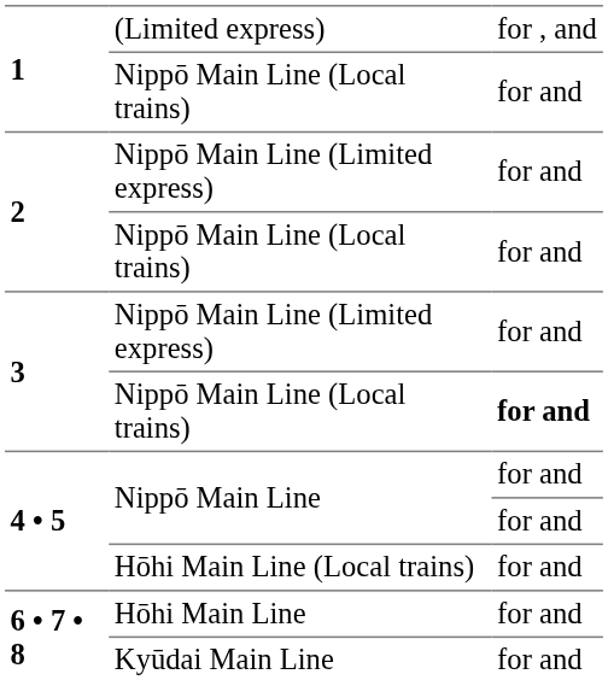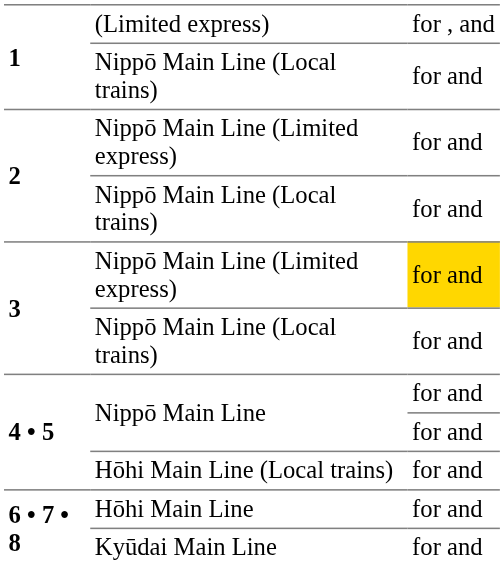 <table border="0" cellspacing="0" cellpadding="3">
 <tr>
 <td width="50px" style="border-top:solid 1px gray" rowspan="2"><strong>1</strong></td>
 <td width="200px" style="border-top:solid 1px gray">  (Limited express)</td>
 <td style="border-top:solid 1px gray">for ,  and </td>
 </tr>
 <tr>
 <td width="200px" style="border-top:solid 1px gray"> Nippō Main Line (Local trains)</td>
 <td style="border-top:solid 1px gray">for  and </td>
 </tr>
 <tr>
 <td width="50px" style="border-top:solid 1px gray" rowspan="2"><strong>2</strong></td>
 <td width="200px" style="border-top:solid 1px gray"> Nippō Main Line (Limited express)</td>
 <td style="border-top:solid 1px gray">for  and </td>
 </tr>
 <tr>
 <td width="200px" style="border-top:solid 1px gray"> Nippō Main Line (Local trains)</td>
 <td style="border-top:solid 1px gray">for  and </td>
 </tr>
 <tr>
 <td width="50px" style="border-top:solid 1px gray" rowspan="2"><strong>3</strong></td>
 <td width="200px" style="border-top:solid 1px gray"> Nippō Main Line (Limited express)</td>
-<td style="border-top:solid 1px gray">for  and </td>
+<td style="background: gold; border-top:solid 1px gray">for  and </td>
 </tr>
 <tr>
 <td width="200px" style="border-top:solid 1px gray"> Nippō Main Line (Local trains)</td>
-<td style="border-top:solid 1px gray"><strong>for  and </strong></td>
+<td style="border-top:solid 1px gray">for  and </td>
 </tr>
 <tr>
 <td width="50px" style="border-top:solid 1px gray" rowspan="3"><strong>4 • 5</strong><br></td>
 <td width="200px" style="border-top:solid 1px gray" rowspan="2"> Nippō Main Line</td>
 <td style="border-top:solid 1px gray">for  and </td>
 </tr>
 <tr>
 <td style="border-top:solid 1px gray">for  and </td>
 </tr>
 <tr>
 <td width="200px" style="border-top:solid 1px gray"> Hōhi Main Line (Local trains)</td>
 <td style="border-top:solid 1px gray">for  and </td>
 </tr>
 <tr>
 <td width="50px" style="border-top:solid 1px gray" rowspan="2"><strong>6 • 7 • 8</strong></td>
 <td width="200px" style="border-top:solid 1px gray"> Hōhi Main Line</td>
 <td style="border-top:solid 1px gray">for  and </td>
 </tr>
 <tr>
 <td width="200px" style="border-top:solid 1px gray;"> Kyūdai Main Line</td>
 <td style="border-top:solid 1px gray">for  and </td>
 </tr>
 <tr>
 </tr>
 </table>
